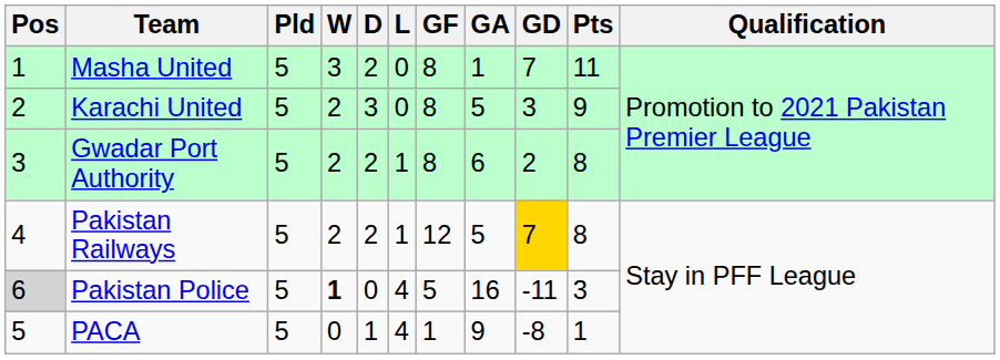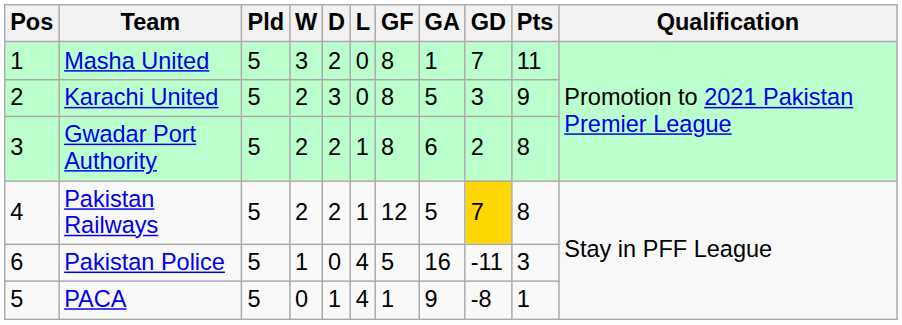 <table class="wikitable">
 <tr>
 <th>Pos</th>
 <th>Team</th>
 <th>Pld</th>
 <th>W</th>
 <th>D</th>
 <th>L</th>
 <th>GF</th>
 <th>GA</th>
 <th>GD</th>
 <th>Pts</th>
 <th>Qualification</th>
 </tr>
 <tr style="background:#bfc">
 <td>1</td>
 <td TBA (Group A Winner)><a href='#'>Masha United</a></td>
 <td>5</td>
 <td>3</td>
 <td>2</td>
 <td>0</td>
 <td>8</td>
 <td>1</td>
 <td>7</td>
 <td>11</td>
 <td rowspan="3">Promotion to <a href='#'>2021 Pakistan Premier League</a></td>
 </tr>
 <tr style="background:#bfc">
 <td>2</td>
 <td><a href='#'>Karachi United</a></td>
 <td>5</td>
 <td>2</td>
 <td>3</td>
 <td>0</td>
 <td>8</td>
 <td>5</td>
 <td>3</td>
 <td>9</td>
 </tr>
 <tr style="background:#bfc">
 <td>3</td>
 <td><a href='#'>Gwadar Port Authority</a></td>
 <td>5</td>
 <td>2</td>
 <td>2</td>
 <td>1</td>
 <td>8</td>
 <td>6</td>
 <td>2</td>
 <td>8</td>
 </tr>
 <tr>
 <td>4</td>
 <td><a href='#'>Pakistan Railways</a></td>
 <td>5</td>
 <td>2</td>
 <td>2</td>
 <td>1</td>
 <td>12</td>
 <td>5</td>
 <td style="background: gold;">7</td>
 <td>8</td>
 <td rowspan="3">Stay in PFF League</td>
 </tr>
 <tr>
-<td style="background: lightgrey;">6</td>
+<td>6</td>
 <td><a href='#'>Pakistan Police</a></td>
 <td>5</td>
-<td><strong>1</strong></td>
+<td>1</td>
 <td>0</td>
 <td>4</td>
 <td>5</td>
 <td>16</td>
 <td>-11</td>
 <td>3</td>
 </tr>
 <tr>
 <td>5</td>
 <td><a href='#'>PACA</a></td>
 <td>5</td>
 <td>0</td>
 <td>1</td>
 <td>4</td>
 <td>1</td>
 <td>9</td>
 <td>-8</td>
 <td>1</td>
 </tr>
 </table>
